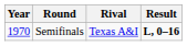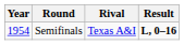 <table class="wikitable"; style= "text-align: ">
 <tr>
 <th width=px>Year</th>
 <th width=px>Round</th>
 <th width=px>Rival</th>
 <th width=px>Result</th>
 </tr>
 <tr>
-<td><a href='#'>1970</a></td>
+<td><a href='#'>1954</a></td>
 <td>Semifinals</td>
 <td><a href='#'>Texas A&I</a></td>
 <td><strong>L, 0–16</strong></td>
 </tr>
 </table>
